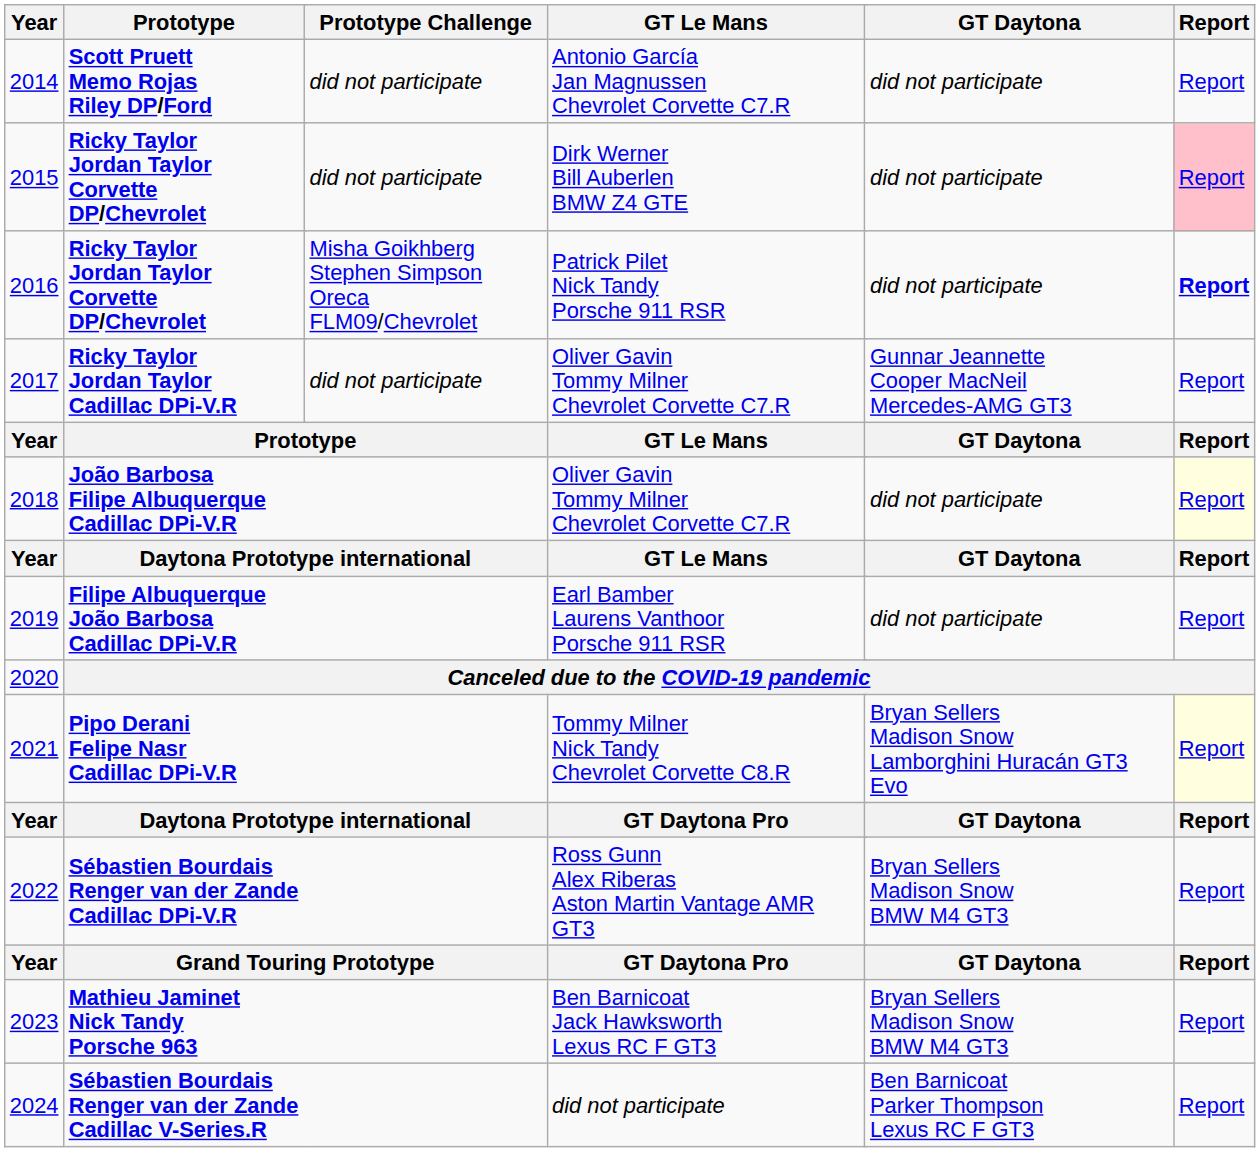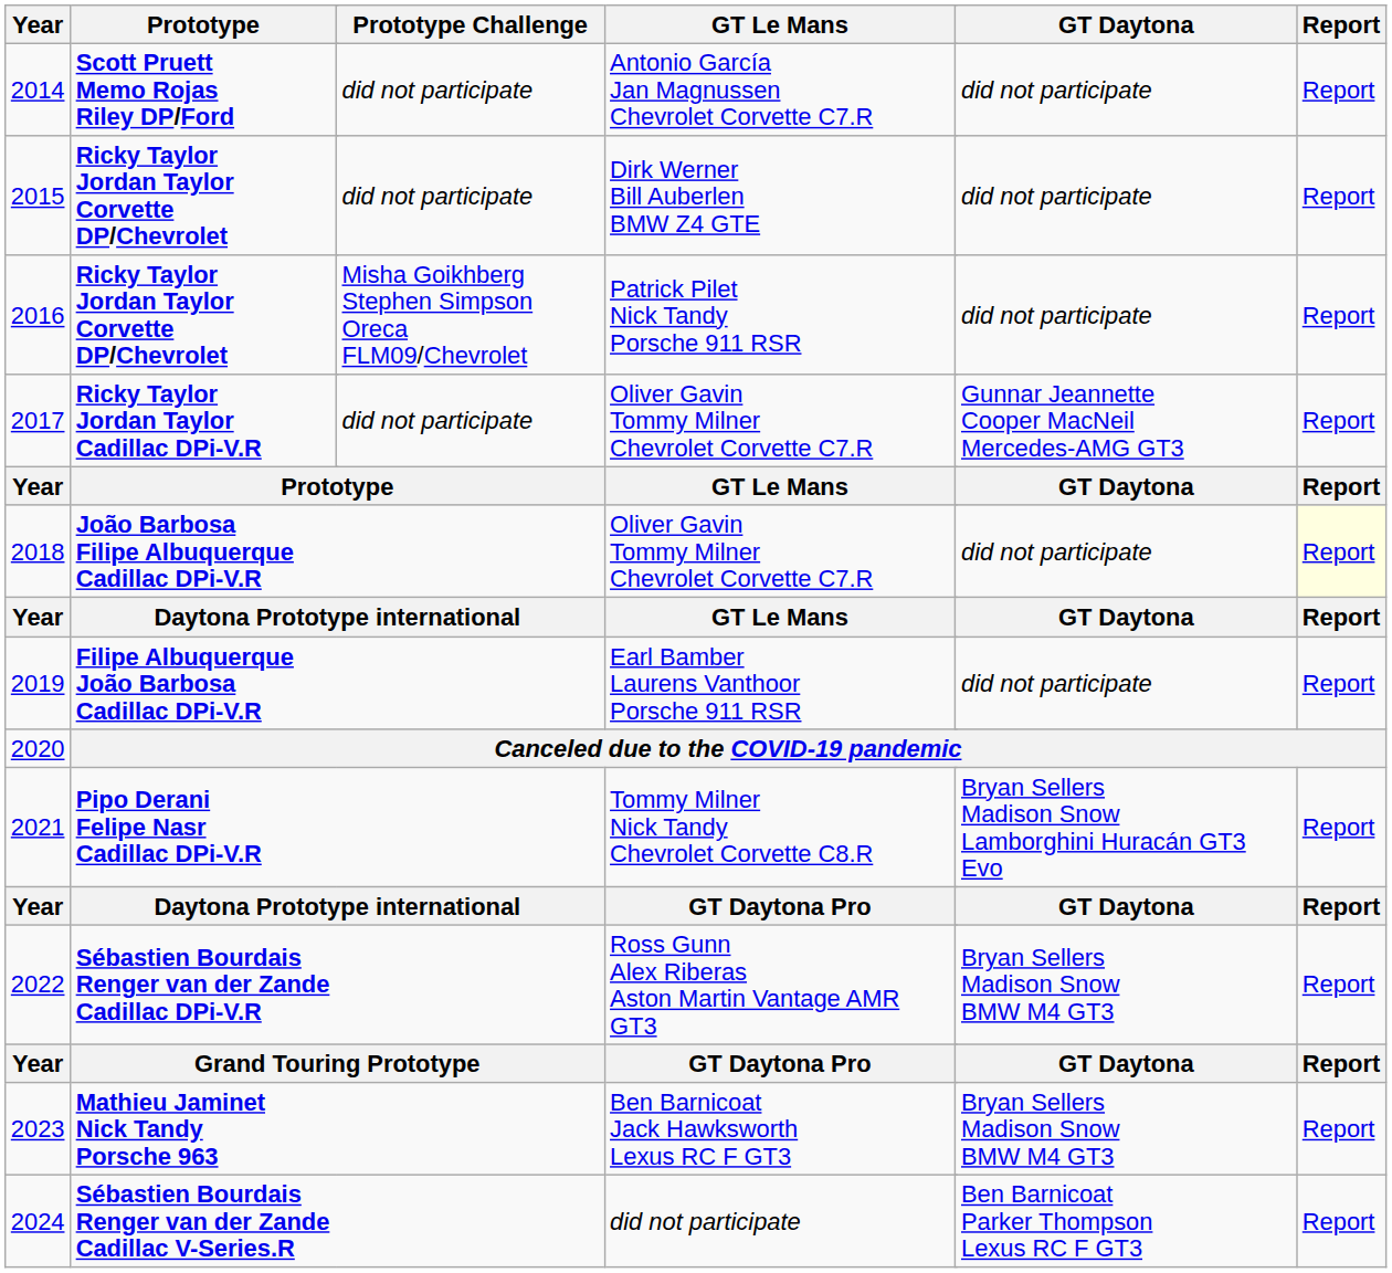 <table class="wikitable" style="font-size: 95%;">
 <tr>
 <th>Year</th>
 <th colspan="3">Prototype</th>
 <th colspan="2">Prototype Challenge</th>
 <th colspan="2">GT Le Mans</th>
 <th colspan="2">GT Daytona</th>
 <th>Report</th>
 </tr>
 <tr>
 <td align=center><a href='#'>2014</a></td>
 <td colspan="3"><strong> <a href='#'>Scott Pruett</a><br> <a href='#'>Memo Rojas</a><br><a href='#'>Riley DP</a>/<a href='#'>Ford</a></strong></td>
 <td colspan="2"><em>did not participate</em></td>
 <td colspan="2"> <a href='#'>Antonio García</a><br> <a href='#'>Jan Magnussen</a><br><a href='#'>Chevrolet Corvette C7.R</a></td>
 <td colspan="2"><em>did not participate</em></td>
 <td><a href='#'>Report</a></td>
 </tr>
 <tr>
 <td align=center><a href='#'>2015</a></td>
 <td colspan="3"><strong> <a href='#'>Ricky Taylor</a><br> <a href='#'>Jordan Taylor</a><br><a href='#'>Corvette DP</a>/<a href='#'>Chevrolet</a></strong></td>
 <td colspan="2"><em>did not participate</em></td>
 <td colspan="2"> <a href='#'>Dirk Werner</a><br> <a href='#'>Bill Auberlen</a><br><a href='#'>BMW Z4 GTE</a></td>
 <td colspan="2"><em>did not participate</em></td>
-<td style="background: pink;"><a href='#'>Report</a></td>
+<td><a href='#'>Report</a></td>
 </tr>
 <tr>
 <td align=center><a href='#'>2016</a></td>
 <td colspan="3"><strong> <a href='#'>Ricky Taylor</a><br> <a href='#'>Jordan Taylor</a><br><a href='#'>Corvette DP</a>/<a href='#'>Chevrolet</a></strong></td>
 <td colspan="2"> <a href='#'>Misha Goikhberg</a><br> <a href='#'>Stephen Simpson</a><br><a href='#'>Oreca FLM09</a>/<a href='#'>Chevrolet</a></td>
 <td colspan="2"> <a href='#'>Patrick Pilet</a><br> <a href='#'>Nick Tandy</a><br><a href='#'>Porsche 911 RSR</a></td>
 <td colspan="2"><em>did not participate</em></td>
-<td><strong><a href='#'>Report</a></strong></td>
+<td><a href='#'>Report</a></td>
 </tr>
 <tr>
 <td align=center><a href='#'>2017</a></td>
 <td colspan="3"><strong> <a href='#'>Ricky Taylor</a><br> <a href='#'>Jordan Taylor</a><br> <a href='#'>Cadillac DPi-V.R</a></strong></td>
 <td colspan="2"><em>did not participate</em></td>
 <td colspan="2"> <a href='#'>Oliver Gavin</a><br> <a href='#'>Tommy Milner</a><br><a href='#'>Chevrolet Corvette C7.R</a></td>
 <td colspan="2"> <a href='#'>Gunnar Jeannette</a><br> <a href='#'>Cooper MacNeil</a><br><a href='#'>Mercedes-AMG GT3</a></td>
 <td><a href='#'>Report</a></td>
 </tr>
 <tr>
 <th>Year</th>
 <th colspan="5">Prototype</th>
 <th colspan="2">GT Le Mans</th>
 <th colspan="2">GT Daytona</th>
 <th>Report</th>
 </tr>
 <tr>
 <td align=center><a href='#'>2018</a></td>
 <td colspan="5"><strong> <a href='#'>João Barbosa</a><br> <a href='#'>Filipe Albuquerque</a><br> <a href='#'>Cadillac DPi-V.R</a></strong></td>
 <td colspan="2"> <a href='#'>Oliver Gavin</a><br> <a href='#'>Tommy Milner</a><br><a href='#'>Chevrolet Corvette C7.R</a></td>
 <td colspan="2"><em>did not participate</em></td>
 <td style="background: lightyellow;"><a href='#'>Report</a></td>
 </tr>
 <tr>
 <th>Year</th>
 <th colspan="5">Daytona Prototype international</th>
 <th colspan="2">GT Le Mans</th>
 <th colspan="2">GT Daytona</th>
 <th>Report</th>
 </tr>
 <tr>
 <td align=center><a href='#'>2019</a></td>
 <td colspan="5"><strong> <a href='#'>Filipe Albuquerque</a><br> <a href='#'>João Barbosa</a><br><a href='#'>Cadillac DPi-V.R</a></strong></td>
 <td colspan="2"> <a href='#'>Earl Bamber</a><br> <a href='#'>Laurens Vanthoor</a><br><a href='#'>Porsche 911 RSR</a></td>
 <td colspan="2"><em>did not participate</em></td>
 <td><a href='#'>Report</a></td>
 </tr>
 <tr>
 <td align=center><a href='#'>2020</a></td>
 <th colspan="11"><em>Canceled due to the <a href='#'>COVID-19 pandemic</a></em></th>
 </tr>
 <tr>
 <td align=center><a href='#'>2021</a></td>
 <td colspan="5"><strong> <a href='#'>Pipo Derani</a><br> <a href='#'>Felipe Nasr</a><br><a href='#'>Cadillac DPi-V.R</a></strong></td>
 <td colspan="2"> <a href='#'>Tommy Milner</a><br> <a href='#'>Nick Tandy</a><br><a href='#'>Chevrolet Corvette C8.R</a></td>
 <td colspan="2"> <a href='#'>Bryan Sellers</a><br> <a href='#'>Madison Snow</a><br><a href='#'>Lamborghini Huracán GT3 Evo</a></td>
-<td style="background: lightyellow;"><a href='#'>Report</a></td>
+<td><a href='#'>Report</a></td>
 </tr>
 <tr>
 <th>Year</th>
 <th colspan="5">Daytona Prototype international</th>
 <th colspan="2">GT Daytona Pro</th>
 <th colspan="2">GT Daytona</th>
 <th>Report</th>
 </tr>
 <tr>
 <td align=center><a href='#'>2022</a></td>
 <td colspan="5"><strong> <a href='#'>Sébastien Bourdais</a><br> <a href='#'>Renger van der Zande</a><br><a href='#'>Cadillac DPi-V.R</a></strong></td>
 <td colspan="2"> <a href='#'>Ross Gunn</a><br> <a href='#'>Alex Riberas</a><br><a href='#'>Aston Martin Vantage AMR GT3</a></td>
 <td colspan="2"> <a href='#'>Bryan Sellers</a><br> <a href='#'>Madison Snow</a><br><a href='#'>BMW M4 GT3</a></td>
 <td><a href='#'>Report</a></td>
 </tr>
 <tr>
 <th>Year</th>
 <th colspan="5">Grand Touring Prototype</th>
 <th colspan="2">GT Daytona Pro</th>
 <th colspan="2">GT Daytona</th>
 <th>Report</th>
 </tr>
 <tr>
 <td align=center><a href='#'>2023</a></td>
 <td colspan="5"><strong> <a href='#'>Mathieu Jaminet</a><br> <a href='#'>Nick Tandy</a><br><a href='#'>Porsche 963</a></strong></td>
 <td colspan="2"> <a href='#'>Ben Barnicoat</a><br> <a href='#'>Jack Hawksworth</a><br><a href='#'>Lexus RC F GT3</a></td>
 <td colspan="2"> <a href='#'>Bryan Sellers</a><br> <a href='#'>Madison Snow</a><br><a href='#'>BMW M4 GT3</a></td>
 <td><a href='#'>Report</a></td>
 </tr>
 <tr>
 <td align=center><a href='#'>2024</a></td>
 <td colspan="5"><strong> <a href='#'>Sébastien Bourdais</a><br> <a href='#'>Renger van der Zande</a><br><a href='#'>Cadillac V-Series.R</a></strong></td>
 <td colspan="2"><em>did not participate</em></td>
 <td colspan="2"> <a href='#'>Ben Barnicoat</a><br> <a href='#'>Parker Thompson</a><br><a href='#'>Lexus RC F GT3</a></td>
 <td><a href='#'>Report</a></td>
 </tr>
 </table>
